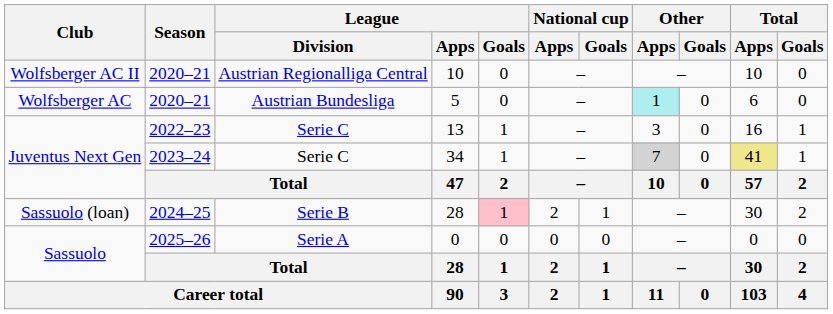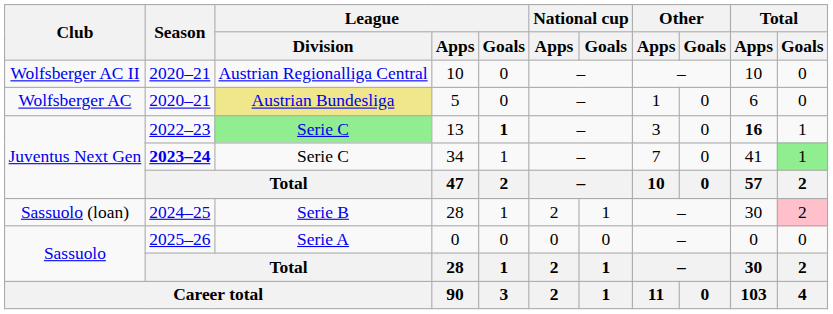 <table class="wikitable" style="text-align:center">
 <tr>
 <th rowspan=2>Club</th>
 <th rowspan=2>Season</th>
 <th colspan=3>League</th>
 <th colspan=2>National cup</th>
 <th colspan=2>Other</th>
 <th colspan=2>Total</th>
 </tr>
 <tr>
 <th>Division</th>
 <th>Apps</th>
 <th>Goals</th>
 <th>Apps</th>
 <th>Goals</th>
 <th>Apps</th>
 <th>Goals</th>
 <th>Apps</th>
 <th>Goals</th>
 </tr>
 <tr>
 <td><a href='#'>Wolfsberger AC II</a></td>
 <td><a href='#'>2020–21</a></td>
 <td><a href='#'>Austrian Regionalliga Central</a></td>
 <td>10</td>
 <td>0</td>
 <td colspan=2>–</td>
 <td colspan=2>–</td>
 <td>10</td>
 <td>0</td>
 </tr>
 <tr>
 <td><a href='#'>Wolfsberger AC</a></td>
 <td><a href='#'>2020–21</a></td>
-<td><a href='#'>Austrian Bundesliga</a></td>
+<td style="background: khaki;"><a href='#'>Austrian Bundesliga</a></td>
 <td>5</td>
 <td>0</td>
 <td colspan=2>–</td>
-<td style="background: paleturquoise;">1</td>
+<td>1</td>
 <td>0</td>
 <td>6</td>
 <td>0</td>
 </tr>
 <tr>
 <td rowspan=3><a href='#'>Juventus Next Gen</a></td>
 <td><a href='#'>2022–23</a></td>
-<td><a href='#'>Serie C</a></td>
+<td style="background: lightgreen;"><a href='#'>Serie C</a></td>
 <td>13</td>
-<td>1</td>
+<td><strong>1</strong></td>
 <td colspan=2>–</td>
 <td>3</td>
 <td>0</td>
-<td>16</td>
+<td><strong>16</strong></td>
 <td>1</td>
 </tr>
 <tr>
-<td><a href='#'>2023–24</a></td>
+<td><strong><a href='#'>2023–24</a></strong></td>
 <td>Serie C</td>
 <td>34</td>
 <td>1</td>
 <td colspan=2>–</td>
-<td style="background: lightgrey;">7</td>
+<td>7</td>
 <td>0</td>
-<td style="background: khaki;">41</td>
-<td>1</td>
+<td>41</td>
+<td style="background: lightgreen;">1</td>
 </tr>
 <tr>
 <th colspan=2>Total</th>
 <th>47</th>
 <th>2</th>
 <th colspan=2>–</th>
 <th>10</th>
 <th>0</th>
 <th>57</th>
 <th>2</th>
 </tr>
 <tr>
 <td><a href='#'>Sassuolo</a> (loan)</td>
 <td><a href='#'>2024–25</a></td>
 <td><a href='#'>Serie B</a></td>
 <td>28</td>
-<td style="background: pink;">1</td>
+<td>1</td>
 <td>2</td>
 <td>1</td>
 <td colspan=2>–</td>
 <td>30</td>
-<td>2</td>
+<td style="background: pink;">2</td>
 </tr>
 <tr>
 <td rowspan=2><a href='#'>Sassuolo</a></td>
 <td><a href='#'>2025–26</a></td>
 <td><a href='#'>Serie A</a></td>
 <td>0</td>
 <td>0</td>
 <td>0</td>
 <td>0</td>
 <td colspan=2>–</td>
 <td>0</td>
 <td>0</td>
 </tr>
 <tr>
 <th colspan=2>Total</th>
 <th>28</th>
 <th>1</th>
 <th>2</th>
 <th>1</th>
 <th colspan=2>–</th>
 <th>30</th>
 <th>2</th>
 </tr>
 <tr>
 <th colspan=3>Career total</th>
 <th>90</th>
 <th>3</th>
 <th>2</th>
 <th>1</th>
 <th>11</th>
 <th>0</th>
 <th>103</th>
 <th>4</th>
 </tr>
 </table>
